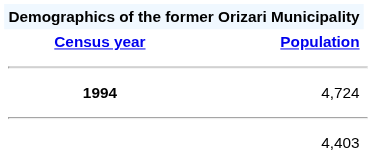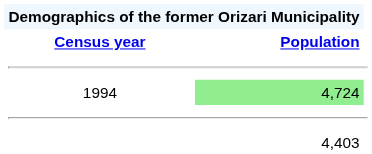 <table class="toccolours" align="center" cellpadding="4" cellspacing="0" style="margin:0 0 1em 1em; font-size: 95%;">
 <tr>
 <th colspan=2 bgcolor="#F0F8FF" align="center">Demographics of the former <strong>Orizari Municipality</strong></th>
 <th></th>
 </tr>
 <tr>
 <th align="center"><a href='#'>Census year</a></th>
 <th align="right"><a href='#'>Population</a></th>
 </tr>
 <tr>
 <td colspan=3><hr></td>
 </tr>
 <tr>
-<td align="center"><strong>1994</strong></td>
-<td align="right">4,724</td>
+<td align="center">1994</td>
+<td align="right" style="background: lightgreen;">4,724</td>
 </tr>
 <tr>
 <td colspan=3><hr></td>
 </tr>
 <tr>
 <td align="center"></td>
 <td align="right">4,403</td>
 </tr>
 <tr>
 </tr>
 </table>
